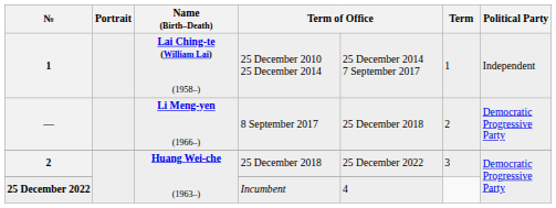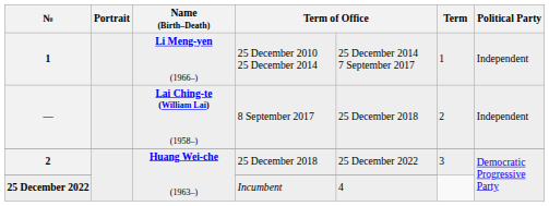 <table class="wikitable">
 <tr ->
 <th>№</th>
 <th>Portrait</th>
 <th width="150">Name<br><small>(Birth–Death)</small></th>
 <th colspan=2 width="300">Term of Office</th>
 <th width = "50">Term</th>
 <th width="100">Political Party</th>
 </tr>
 <tr - bgcolor=#EEEEEE>
 <th style="background:">1</th>
 <td align="center"></td>
-<td align="center"><strong><a href='#'>Lai Ching-te</a></strong><br><small><strong>(<a href='#'>William Lai</a>)</strong></small><br><span></span><br><small><br>(1958–)</small></td>
+<td align="center"><strong><a href='#'>Li Meng-yen</a></strong><br><span></span><br><small><br>(1966–)</small></td>
 <td>25 December 2010<br>25 December 2014</td>
 <td>25 December 2014<br>7 September 2017 </td>
 <td>1</td>
 <td>Independent</td>
 </tr>
 <tr - bgcolor="#EEEEEE">
 <th style="background:">—</th>
 <td align="center"></td>
-<td align="center"><strong><a href='#'>Li Meng-yen</a></strong><br><span></span><br><small><br>(1966–)</small></td>
+<td align="center"><strong><a href='#'>Lai Ching-te</a></strong><br><small><strong>(<a href='#'>William Lai</a>)</strong></small><br><span></span><br><small><br>(1958–)</small></td>
 <td>8 September 2017</td>
 <td>25 December 2018</td>
 <td>2</td>
-<td><a href='#'>Democratic Progressive Party</a></td>
+<td>Independent</td>
 </tr>
 <tr ->
 </tr>
 <tr - bgcolor=#EEEEEE>
 <th style="background:">2</th>
 <td align=center rowspan=4></td>
 <td align=center rowspan=4><strong><a href='#'>Huang Wei-che</a></strong><br><span></span><br><small><br>(1963–)</small></td>
 <td>25 December 2018</td>
 <td>25 December 2022</td>
 <td>3</td>
 <td rowspan=4><a href='#'>Democratic Progressive Party</a></td>
 </tr>
 <tr ->
 </tr>
 <tr - bgcolor=#EEEEEE>
 <td><strong>25 December 2022</strong></td>
 <td><em>Incumbent</em></td>
 <td>4</td>
 </tr>
 </table>
